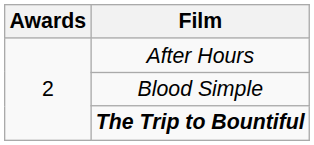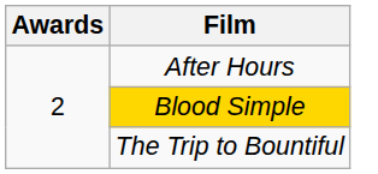 <table class="wikitable" rowspan=2 border=2 style="text-align:center;">
 <tr>
 <th>Awards</th>
 <th>Film</th>
 </tr>
 <tr>
 <td rowspan="3">2</td>
 <td><em>After Hours</em></td>
 </tr>
 <tr>
-<td><em>Blood Simple</em></td>
+<td style="background: gold;"><em>Blood Simple</em></td>
 </tr>
 <tr>
-<td><strong><em>The Trip to Bountiful</em></strong></td>
+<td><em>The Trip to Bountiful</em></td>
 </tr>
 </table>
